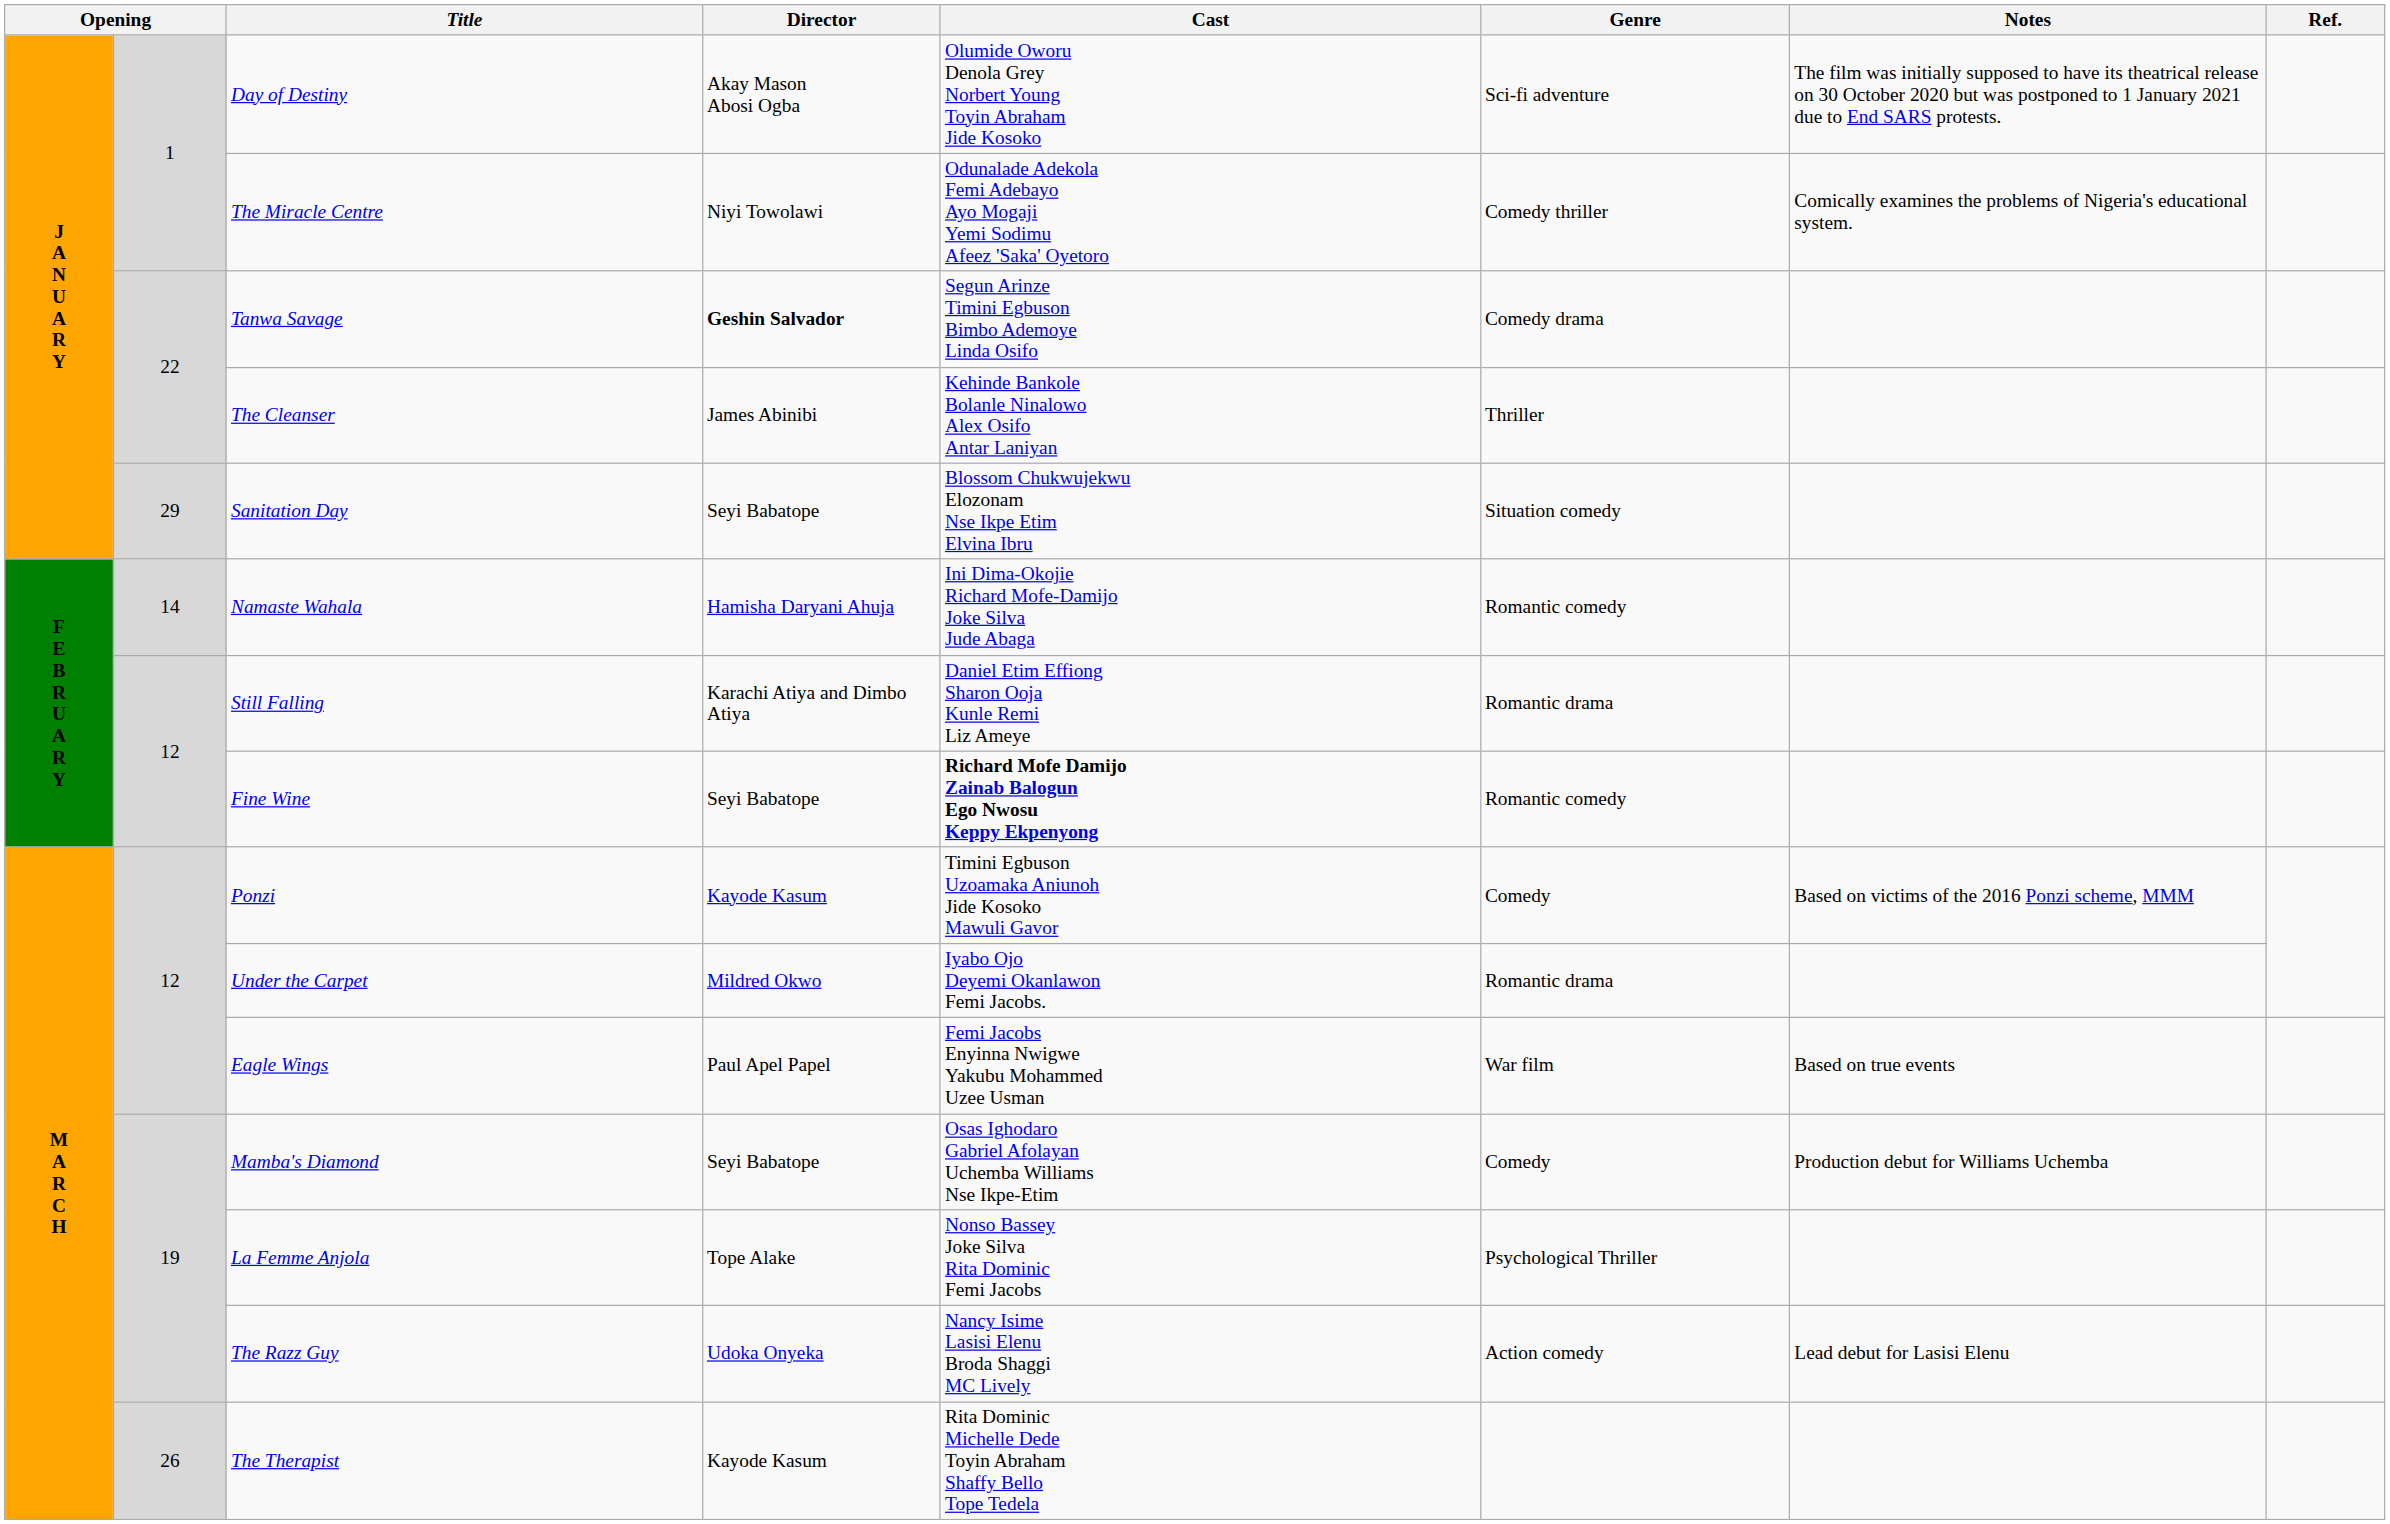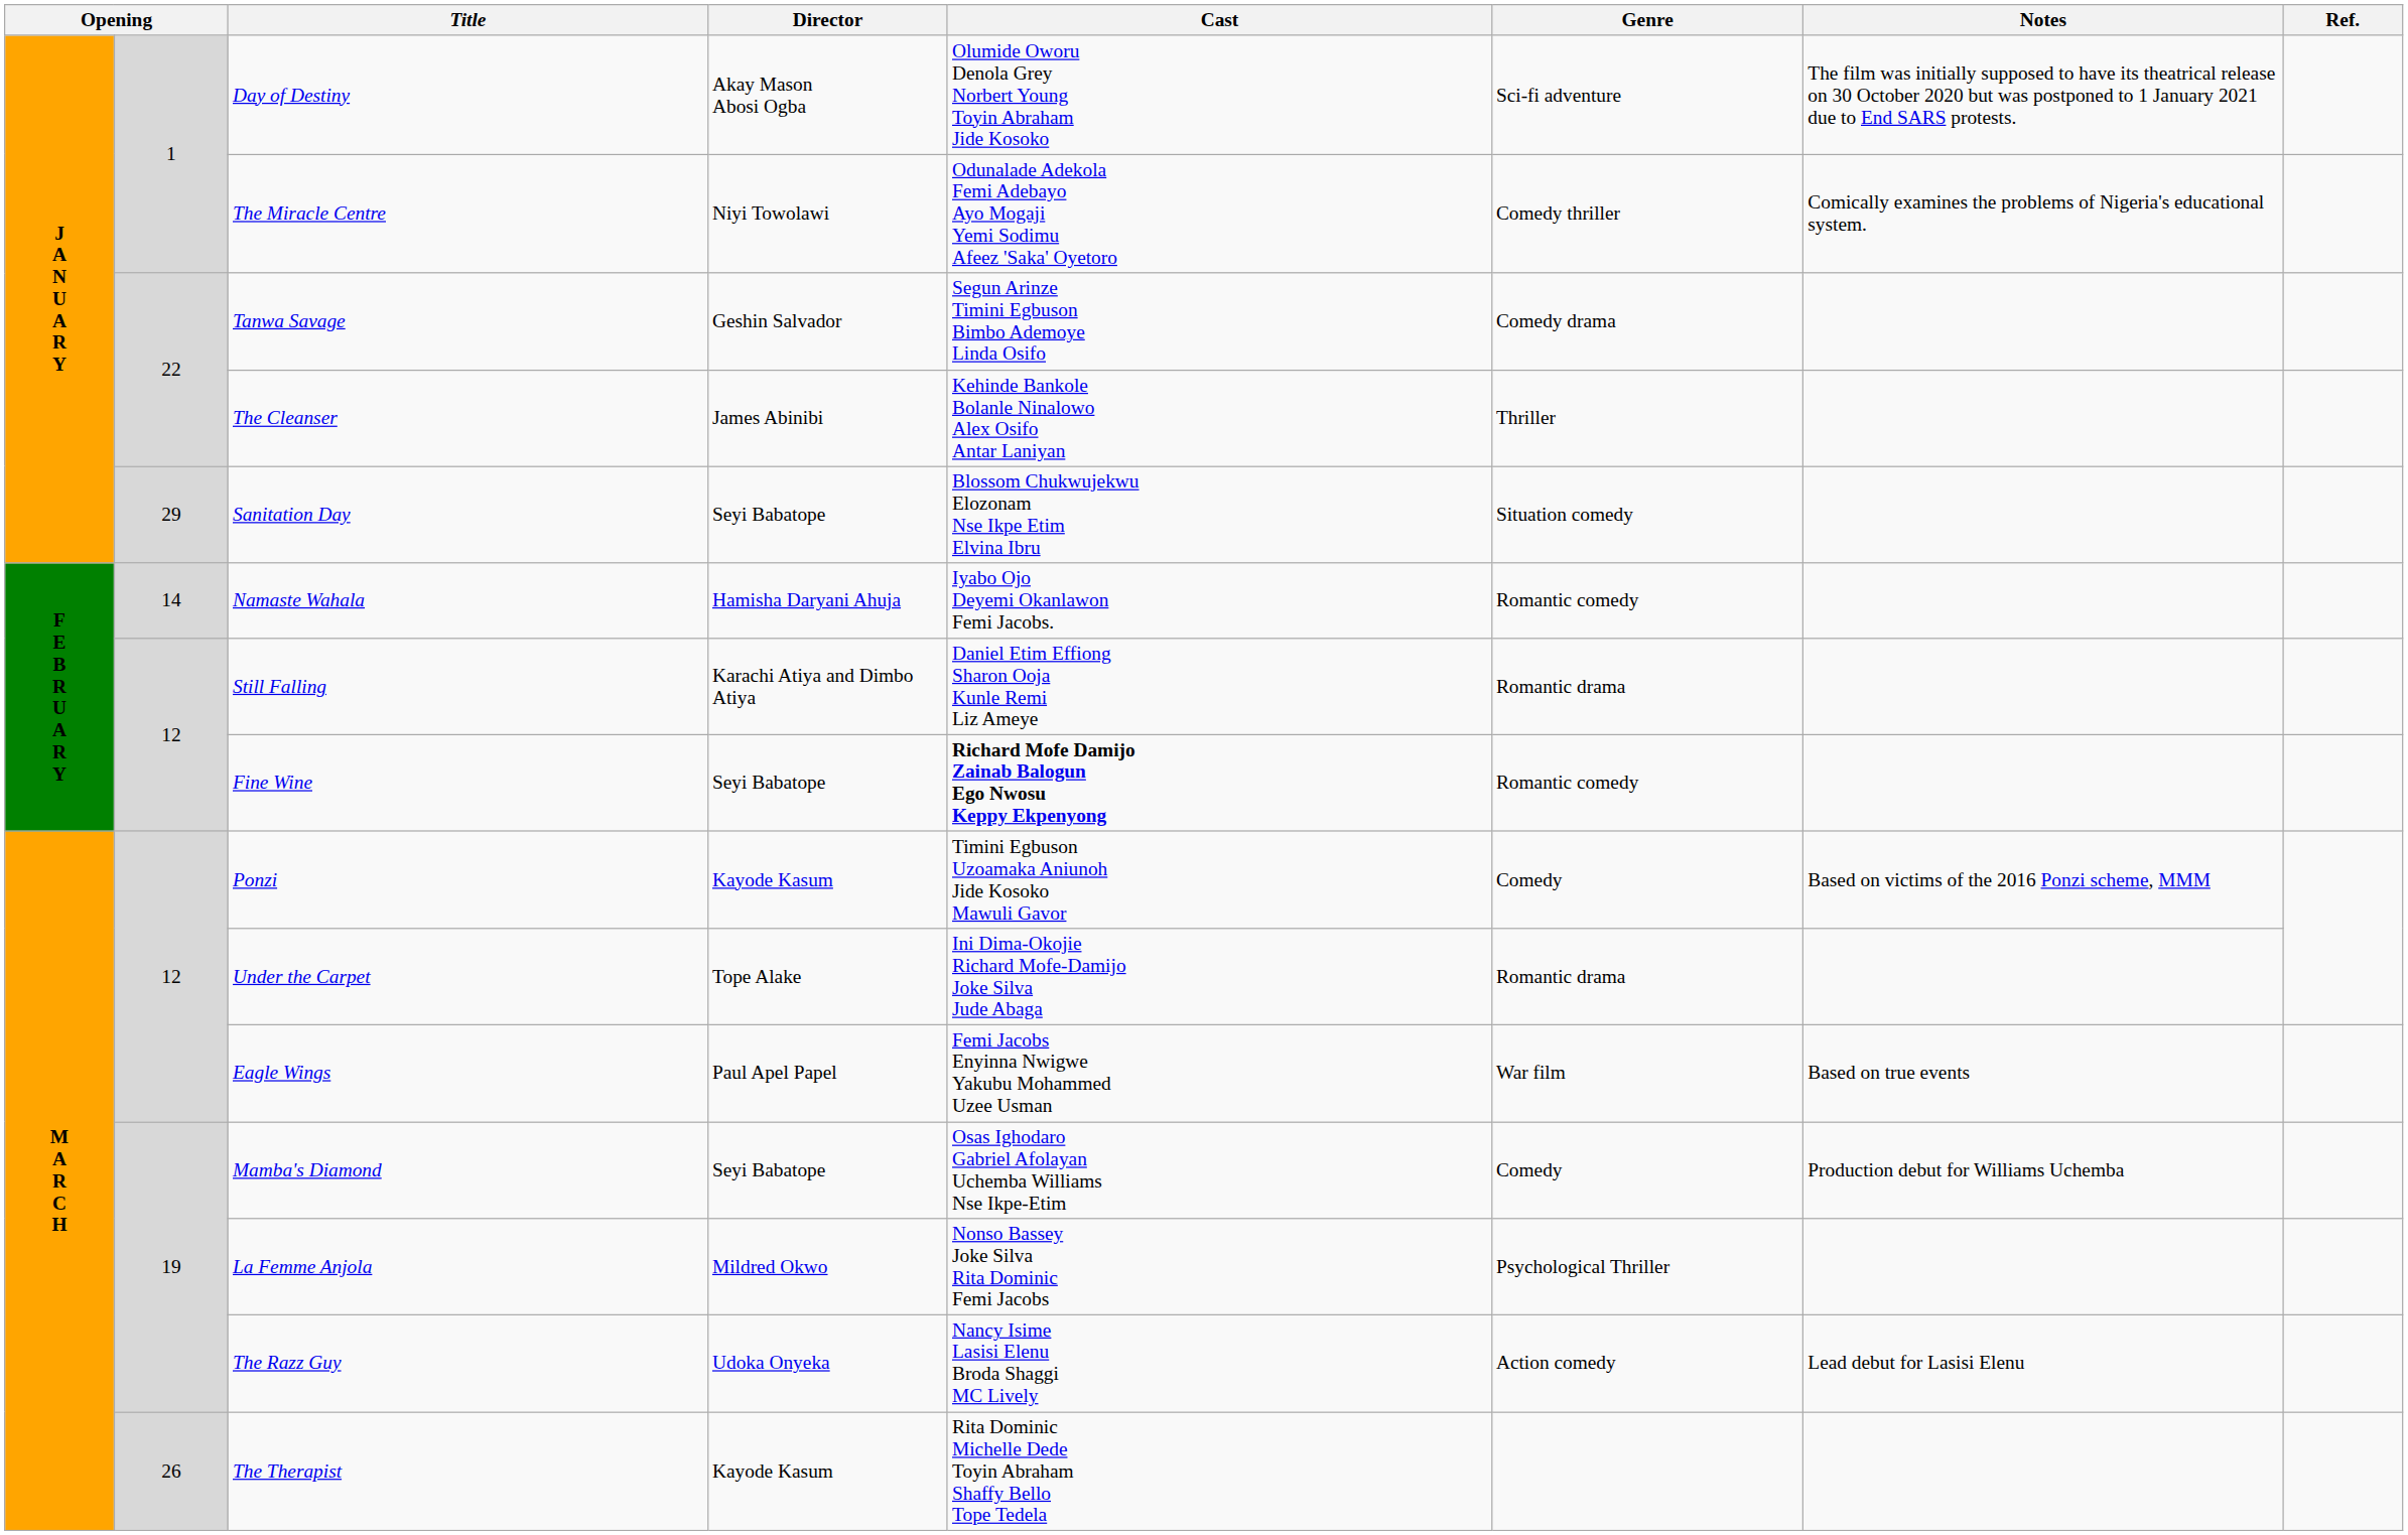 <table class="wikitable">
 <tr>
 <th colspan="2">Opening</th>
 <th style="width:20%;"><em>Title</em></th>
 <th style="width:10%;">Director</th>
 <th>Cast</th>
 <th style="width:13%">Genre</th>
 <th style="width:20%">Notes</th>
 <th>Ref.</th>
 </tr>
 <tr>
 <td rowspan="5" style="text-align:center; background:orange; textcolor:#000;"><strong>J<br>A<br>N<br>U<br>A<br>R<br>Y<br></strong></td>
 <td rowspan="2" style="text-align:center; background:#d8d8d8; textcolor:#000;">1</td>
 <td><em><a href='#'>Day of Destiny</a></em></td>
 <td>Akay Mason<br>Abosi Ogba</td>
 <td><a href='#'>Olumide Oworu</a><br>Denola Grey<br><a href='#'>Norbert Young</a><br><a href='#'>Toyin Abraham</a><br><a href='#'>Jide Kosoko</a></td>
 <td>Sci-fi adventure</td>
 <td>The film was initially supposed to have its theatrical release on 30 October 2020 but was postponed to 1 January 2021 due to <a href='#'>End SARS</a> protests.</td>
 <td></td>
 </tr>
 <tr>
 <td><em><a href='#'>The Miracle Centre</a></em></td>
 <td>Niyi Towolawi</td>
 <td><a href='#'>Odunalade Adekola</a><br><a href='#'>Femi Adebayo</a><br><a href='#'>Ayo Mogaji</a><br><a href='#'>Yemi Sodimu</a><br><a href='#'>Afeez 'Saka' Oyetoro</a></td>
 <td>Comedy thriller</td>
 <td>Comically examines the problems of Nigeria's educational system.</td>
 <td></td>
 </tr>
 <tr>
 <td rowspan="2" style="text-align:center; background:#d8d8d8; textcolor:#000;">22</td>
 <td><em><a href='#'>Tanwa Savage</a></em></td>
-<td><strong>Geshin Salvador</strong></td>
+<td>Geshin Salvador</td>
 <td><a href='#'>Segun Arinze</a><br><a href='#'>Timini Egbuson</a><br><a href='#'>Bimbo Ademoye</a><br><a href='#'>Linda Osifo</a></td>
 <td>Comedy drama</td>
 <td></td>
 <td></td>
 </tr>
 <tr>
 <td><em><a href='#'>The Cleanser</a></em></td>
 <td>James Abinibi</td>
 <td><a href='#'>Kehinde Bankole</a><br><a href='#'>Bolanle Ninalowo</a><br><a href='#'>Alex Osifo</a><br><a href='#'>Antar Laniyan</a></td>
 <td>Thriller</td>
 <td></td>
 <td></td>
 </tr>
 <tr>
 <td rowspan="1" style="text-align:center; background:#d8d8d8; textcolor:#000;">29</td>
 <td><em><a href='#'>Sanitation Day</a></em></td>
 <td>Seyi Babatope</td>
 <td><a href='#'>Blossom Chukwujekwu</a><br>Elozonam<br><a href='#'>Nse Ikpe Etim</a><br><a href='#'>Elvina Ibru</a></td>
 <td>Situation comedy</td>
 <td></td>
 <td></td>
 </tr>
 <tr>
 <td rowspan="3" style="text-align:center; background:green; textcolor:#000;"><strong>F<br>E<br>B<br>R<br>U<br>A<br>R<br>Y<br></strong></td>
 <td rowspan="1" style="text-align:center; background:#d8d8d8; textcolor:#000;">14</td>
 <td><em><a href='#'>Namaste Wahala</a></em></td>
 <td><a href='#'>Hamisha Daryani Ahuja</a></td>
-<td><a href='#'>Ini Dima-Okojie</a><br><a href='#'>Richard Mofe-Damijo</a><br><a href='#'>Joke Silva</a><br><a href='#'>Jude Abaga</a></td>
+<td><a href='#'>Iyabo Ojo</a><br><a href='#'>Deyemi Okanlawon</a><br>Femi Jacobs.</td>
 <td>Romantic comedy</td>
 <td></td>
 <td></td>
 </tr>
 <tr>
 <td rowspan="2" style="text-align:center; background:#d8d8d8; textcolor:#000;">12</td>
 <td><em><a href='#'>Still Falling</a></em></td>
 <td>Karachi Atiya and Dimbo Atiya</td>
 <td><a href='#'>Daniel Etim Effiong</a><br><a href='#'>Sharon Ooja</a><br><a href='#'>Kunle Remi</a><br>Liz Ameye</td>
 <td>Romantic drama</td>
 <td></td>
 <td></td>
 </tr>
 <tr>
 <td><a href='#'><em>Fine Wine</em></a></td>
 <td>Seyi Babatope</td>
 <td><strong>Richard Mofe Damijo<br><a href='#'>Zainab Balogun</a><br>Ego Nwosu<br><a href='#'>Keppy Ekpenyong</a></strong></td>
 <td>Romantic comedy</td>
 <td></td>
 <td></td>
 </tr>
 <tr>
 <td rowspan="8" style="text-align:center; background:orange; textcolor:#000;"><strong>M<br>A<br>R<br>C<br>H<br></strong></td>
 <td rowspan="3" style="text-align:center; background:#d8d8d8; textcolor:#000;">12</td>
 <td><em><a href='#'>Ponzi</a></em></td>
 <td><a href='#'>Kayode Kasum</a></td>
 <td>Timini Egbuson<br><a href='#'>Uzoamaka Aniunoh</a><br>Jide Kosoko<br><a href='#'>Mawuli Gavor</a></td>
 <td>Comedy</td>
 <td>Based on victims of the 2016 <a href='#'>Ponzi scheme</a>, <a href='#'>MMM</a></td>
 <td rowspan="2"></td>
 </tr>
 <tr>
 <td><em><a href='#'>Under the Carpet</a></em></td>
-<td><a href='#'>Mildred Okwo</a></td>
-<td><a href='#'>Iyabo Ojo</a><br><a href='#'>Deyemi Okanlawon</a><br>Femi Jacobs.</td>
+<td>Tope Alake</td>
+<td><a href='#'>Ini Dima-Okojie</a><br><a href='#'>Richard Mofe-Damijo</a><br><a href='#'>Joke Silva</a><br><a href='#'>Jude Abaga</a></td>
 <td>Romantic drama</td>
 <td></td>
 </tr>
 <tr>
 <td><em><a href='#'>Eagle Wings</a></em></td>
 <td>Paul Apel Papel</td>
 <td><a href='#'>Femi Jacobs</a><br>Enyinna Nwigwe<br>Yakubu Mohammed<br>Uzee Usman</td>
 <td>War film</td>
 <td>Based on true events</td>
 <td></td>
 </tr>
 <tr>
 <td rowspan="3" style="text-align:center; background:#d8d8d8; textcolor:#000;">19</td>
 <td><em><a href='#'>Mamba's Diamond</a></em></td>
 <td>Seyi Babatope</td>
 <td><a href='#'>Osas Ighodaro</a><br><a href='#'>Gabriel Afolayan</a><br>Uchemba Williams<br>Nse Ikpe-Etim</td>
 <td>Comedy</td>
 <td>Production debut for Williams Uchemba</td>
 <td></td>
 </tr>
 <tr>
 <td><em><a href='#'>La Femme Anjola</a></em></td>
-<td>Tope Alake</td>
+<td><a href='#'>Mildred Okwo</a></td>
 <td><a href='#'>Nonso Bassey</a><br>Joke Silva<br><a href='#'>Rita Dominic</a><br>Femi Jacobs</td>
 <td>Psychological Thriller</td>
 <td></td>
 <td></td>
 </tr>
 <tr>
 <td><em><a href='#'>The Razz Guy</a></em></td>
 <td><a href='#'>Udoka Onyeka</a></td>
 <td><a href='#'>Nancy Isime</a><br><a href='#'>Lasisi Elenu</a><br>Broda Shaggi<br><a href='#'>MC Lively</a></td>
 <td>Action comedy</td>
 <td>Lead debut for Lasisi Elenu</td>
 <td></td>
 </tr>
 <tr>
 <td rowspan="2" style="text-align:center; background:#d8d8d8; textcolor:#000;">26</td>
 <td><em><a href='#'>The Therapist</a></em></td>
 <td>Kayode Kasum</td>
 <td>Rita Dominic<br><a href='#'>Michelle Dede</a><br>Toyin Abraham<br><a href='#'>Shaffy Bello</a><br><a href='#'>Tope Tedela</a></td>
 <td></td>
 <td></td>
 <td></td>
 </tr>
 </table>
